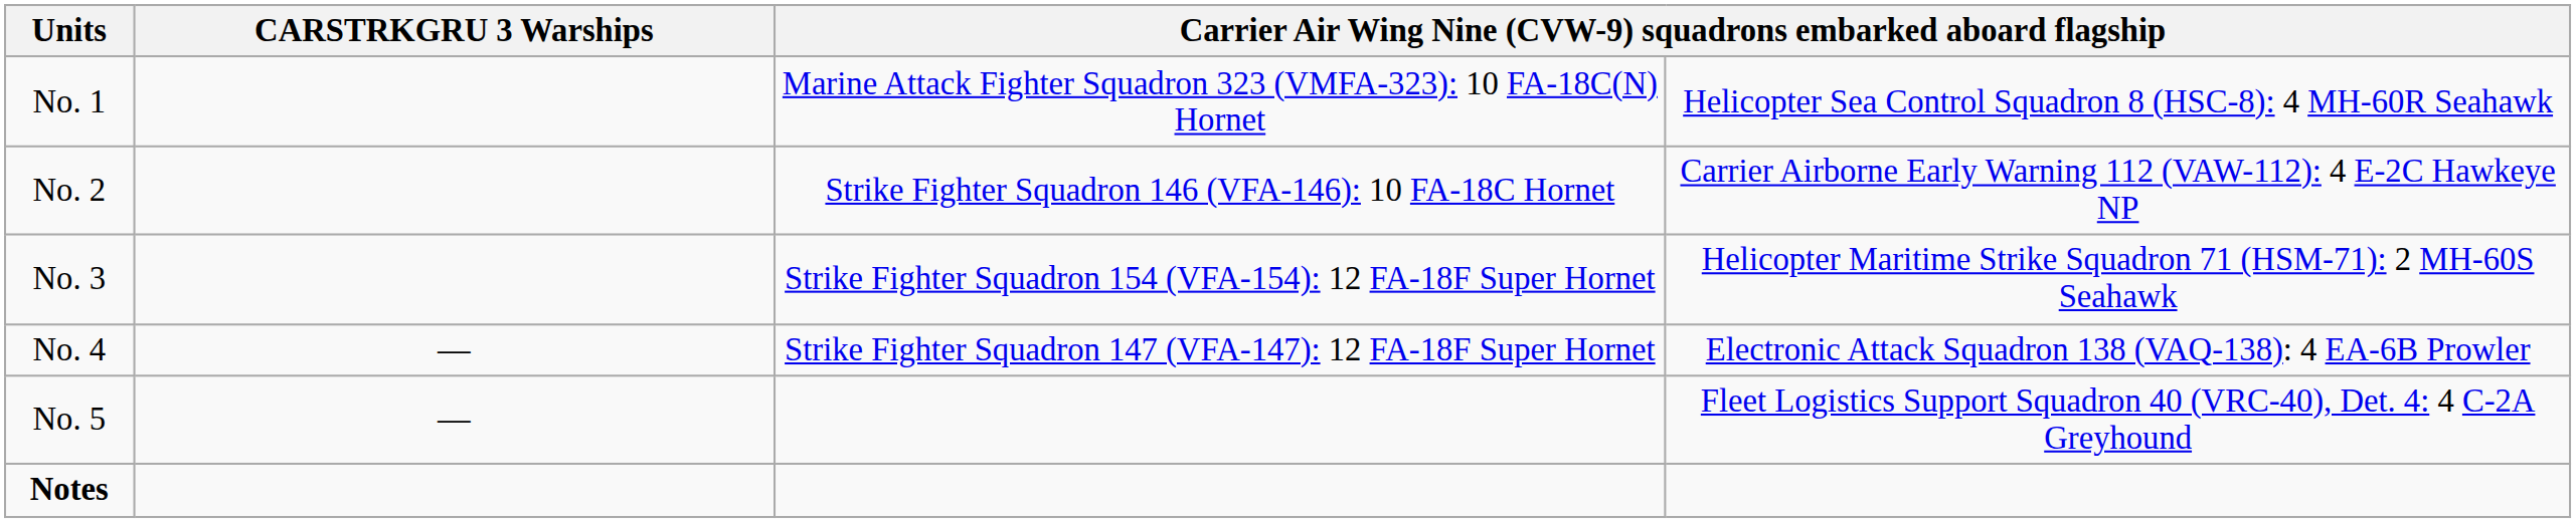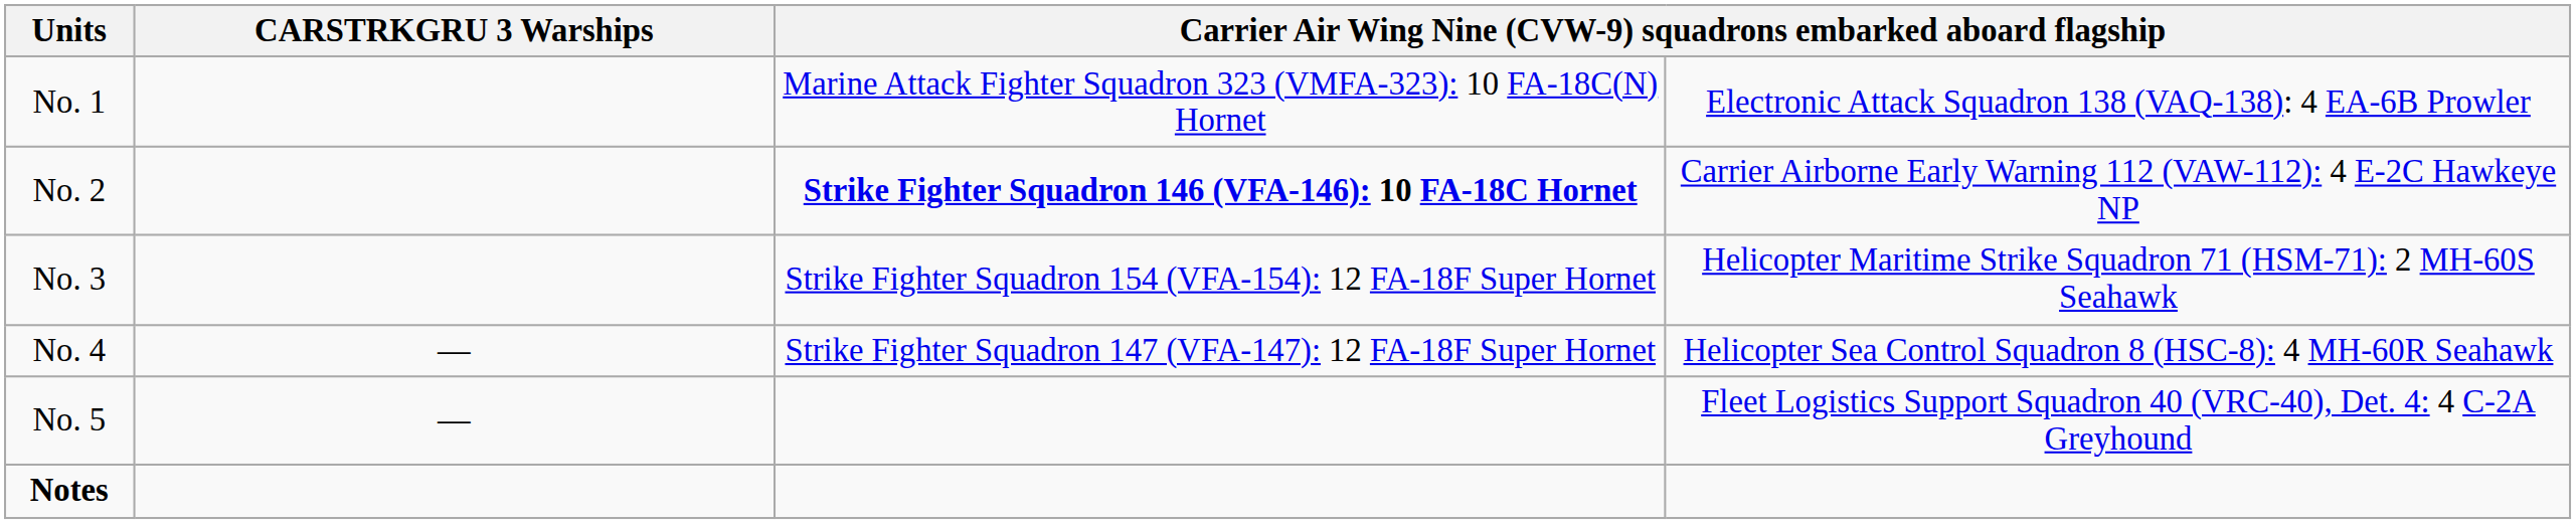 <table class="wikitable"  style="text-align:center; width:99%;">
 <tr>
 <th style="width:5%;">Units</th>
 <th style="width:25%; text-align:center;">CARSTRKGRU 3 Warships</th>
 <th colspan="2" style="text-align:center;">Carrier Air Wing Nine (CVW-9) squadrons embarked aboard flagship </th>
 </tr>
 <tr>
 <td>No. 1</td>
 <td></td>
 <td><a href='#'>Marine Attack Fighter Squadron 323 (VMFA-323):</a> 10 <a href='#'>FA-18C(N) Hornet</a></td>
-<td><a href='#'>Helicopter Sea Control Squadron 8 (HSC-8):</a> 4 <a href='#'>MH-60R Seahawk</a></td>
+<td><a href='#'>Electronic Attack Squadron 138 (VAQ-138)</a>:  4 <a href='#'>EA-6B Prowler</a></td>
 </tr>
 <tr>
 <td>No. 2</td>
 <td></td>
-<td><a href='#'>Strike Fighter Squadron 146 (VFA-146):</a> 10 <a href='#'>FA-18C Hornet</a></td>
+<td><strong><a href='#'>Strike Fighter Squadron 146 (VFA-146):</a> 10 <a href='#'>FA-18C Hornet</a></strong></td>
 <td><a href='#'>Carrier Airborne Early Warning 112 (VAW-112):</a> 4 <a href='#'>E-2C Hawkeye NP</a></td>
 </tr>
 <tr>
 <td>No. 3</td>
 <td></td>
 <td><a href='#'>Strike Fighter Squadron 154 (VFA-154):</a> 12 <a href='#'>FA-18F Super Hornet</a></td>
 <td><a href='#'>Helicopter Maritime Strike Squadron 71 (HSM-71):</a> 2 <a href='#'>MH-60S Seahawk</a></td>
 </tr>
 <tr>
 <td>No. 4</td>
 <td>—</td>
 <td><a href='#'>Strike Fighter Squadron 147 (VFA-147):</a> 12 <a href='#'>FA-18F Super Hornet</a></td>
-<td><a href='#'>Electronic Attack Squadron 138 (VAQ-138)</a>:  4 <a href='#'>EA-6B Prowler</a></td>
+<td><a href='#'>Helicopter Sea Control Squadron 8 (HSC-8):</a> 4 <a href='#'>MH-60R Seahawk</a></td>
 </tr>
 <tr>
 <td>No. 5</td>
 <td>—</td>
 <td></td>
 <td><a href='#'>Fleet Logistics Support Squadron 40 (VRC-40), Det. 4:</a> 4 <a href='#'>C-2A Greyhound</a></td>
 </tr>
 <tr>
 <td><strong>Notes</strong></td>
 <td></td>
 <td></td>
 <td></td>
 </tr>
 </table>
